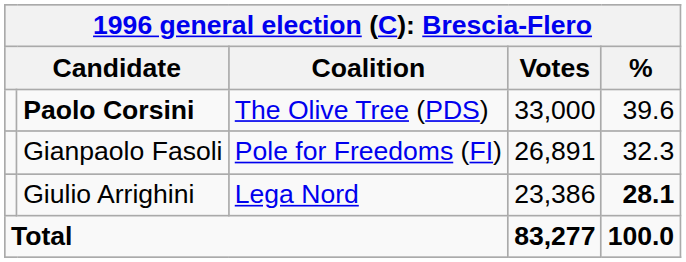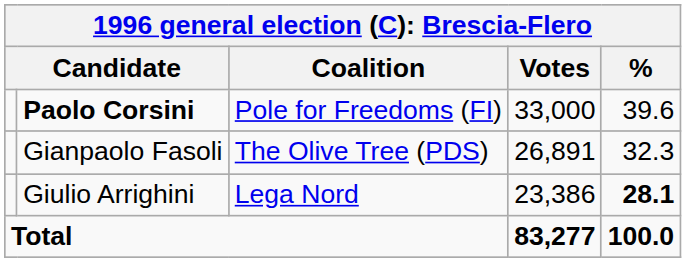 <table class=wikitable style=text-align:right>
 <tr>
 <th colspan=5><a href='#'>1996 general election</a> (<a href='#'>C</a>): <a href='#'>Brescia-Flero</a></th>
 </tr>
 <tr>
 <th colspan=2>Candidate</th>
 <th>Coalition</th>
 <th>Votes</th>
 <th>%</th>
 </tr>
 <tr>
 <td></td>
 <td align=left><strong>Paolo Corsini</strong></td>
-<td align=left><a href='#'>The Olive Tree</a> (<a href='#'>PDS</a>)</td>
+<td align=left><a href='#'>Pole for Freedoms</a> (<a href='#'>FI</a>)</td>
 <td>33,000</td>
 <td>39.6</td>
 </tr>
 <tr>
 <td></td>
 <td align=left>Gianpaolo Fasoli</td>
-<td align=left><a href='#'>Pole for Freedoms</a> (<a href='#'>FI</a>)</td>
+<td align=left><a href='#'>The Olive Tree</a> (<a href='#'>PDS</a>)</td>
 <td>26,891</td>
 <td>32.3</td>
 </tr>
 <tr>
 <td></td>
 <td align=left>Giulio Arrighini</td>
 <td align=left><a href='#'>Lega Nord</a></td>
 <td>23,386</td>
 <td><strong>28.1</strong></td>
 </tr>
 <tr>
 <td align=left colspan=3><strong>Total</strong></td>
 <td><strong>83,277</strong></td>
 <td><strong>100.0</strong></td>
 </tr>
 </table>
